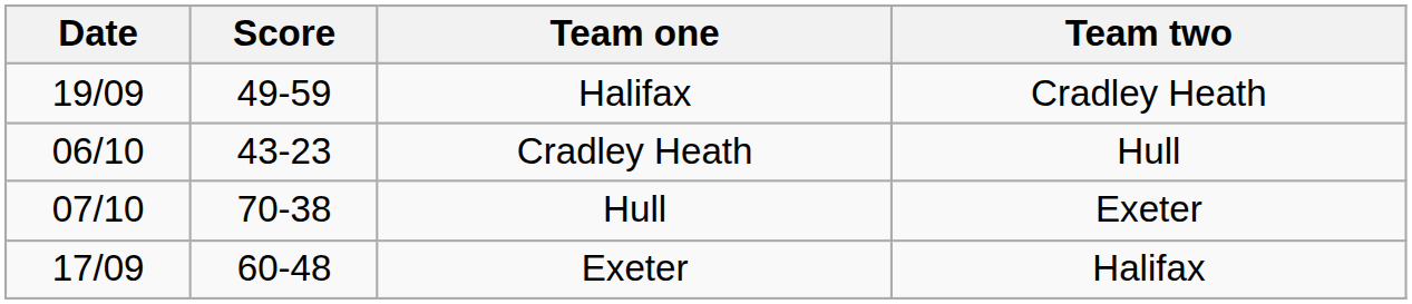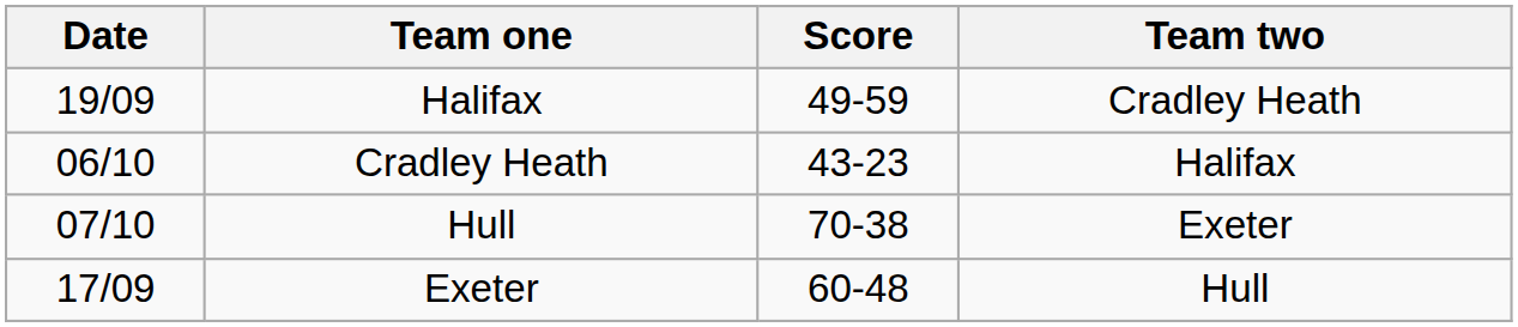 <table class="wikitable" style="text-align: center">
 <tr>
 <th width=80>Date</th>
+<th width=250>Team one</th>
 <th width=80>Score</th>
-<th width=250>Team one</th>
 <th width=250>Team two</th>
 </tr>
 <tr>
 <td>19/09</td>
+<td>Halifax</td>
 <td>49-59</td>
-<td>Halifax</td>
 <td>Cradley Heath</td>
 </tr>
 <tr>
 <td>06/10</td>
+<td>Cradley Heath</td>
 <td>43-23</td>
-<td>Cradley Heath</td>
-<td>Hull</td>
+<td>Halifax</td>
 </tr>
 <tr>
 <td>07/10</td>
+<td>Hull</td>
 <td>70-38</td>
-<td>Hull</td>
 <td>Exeter</td>
 </tr>
 <tr>
 <td>17/09</td>
+<td>Exeter</td>
 <td>60-48</td>
-<td>Exeter</td>
-<td>Halifax</td>
+<td>Hull</td>
 </tr>
 </table>
